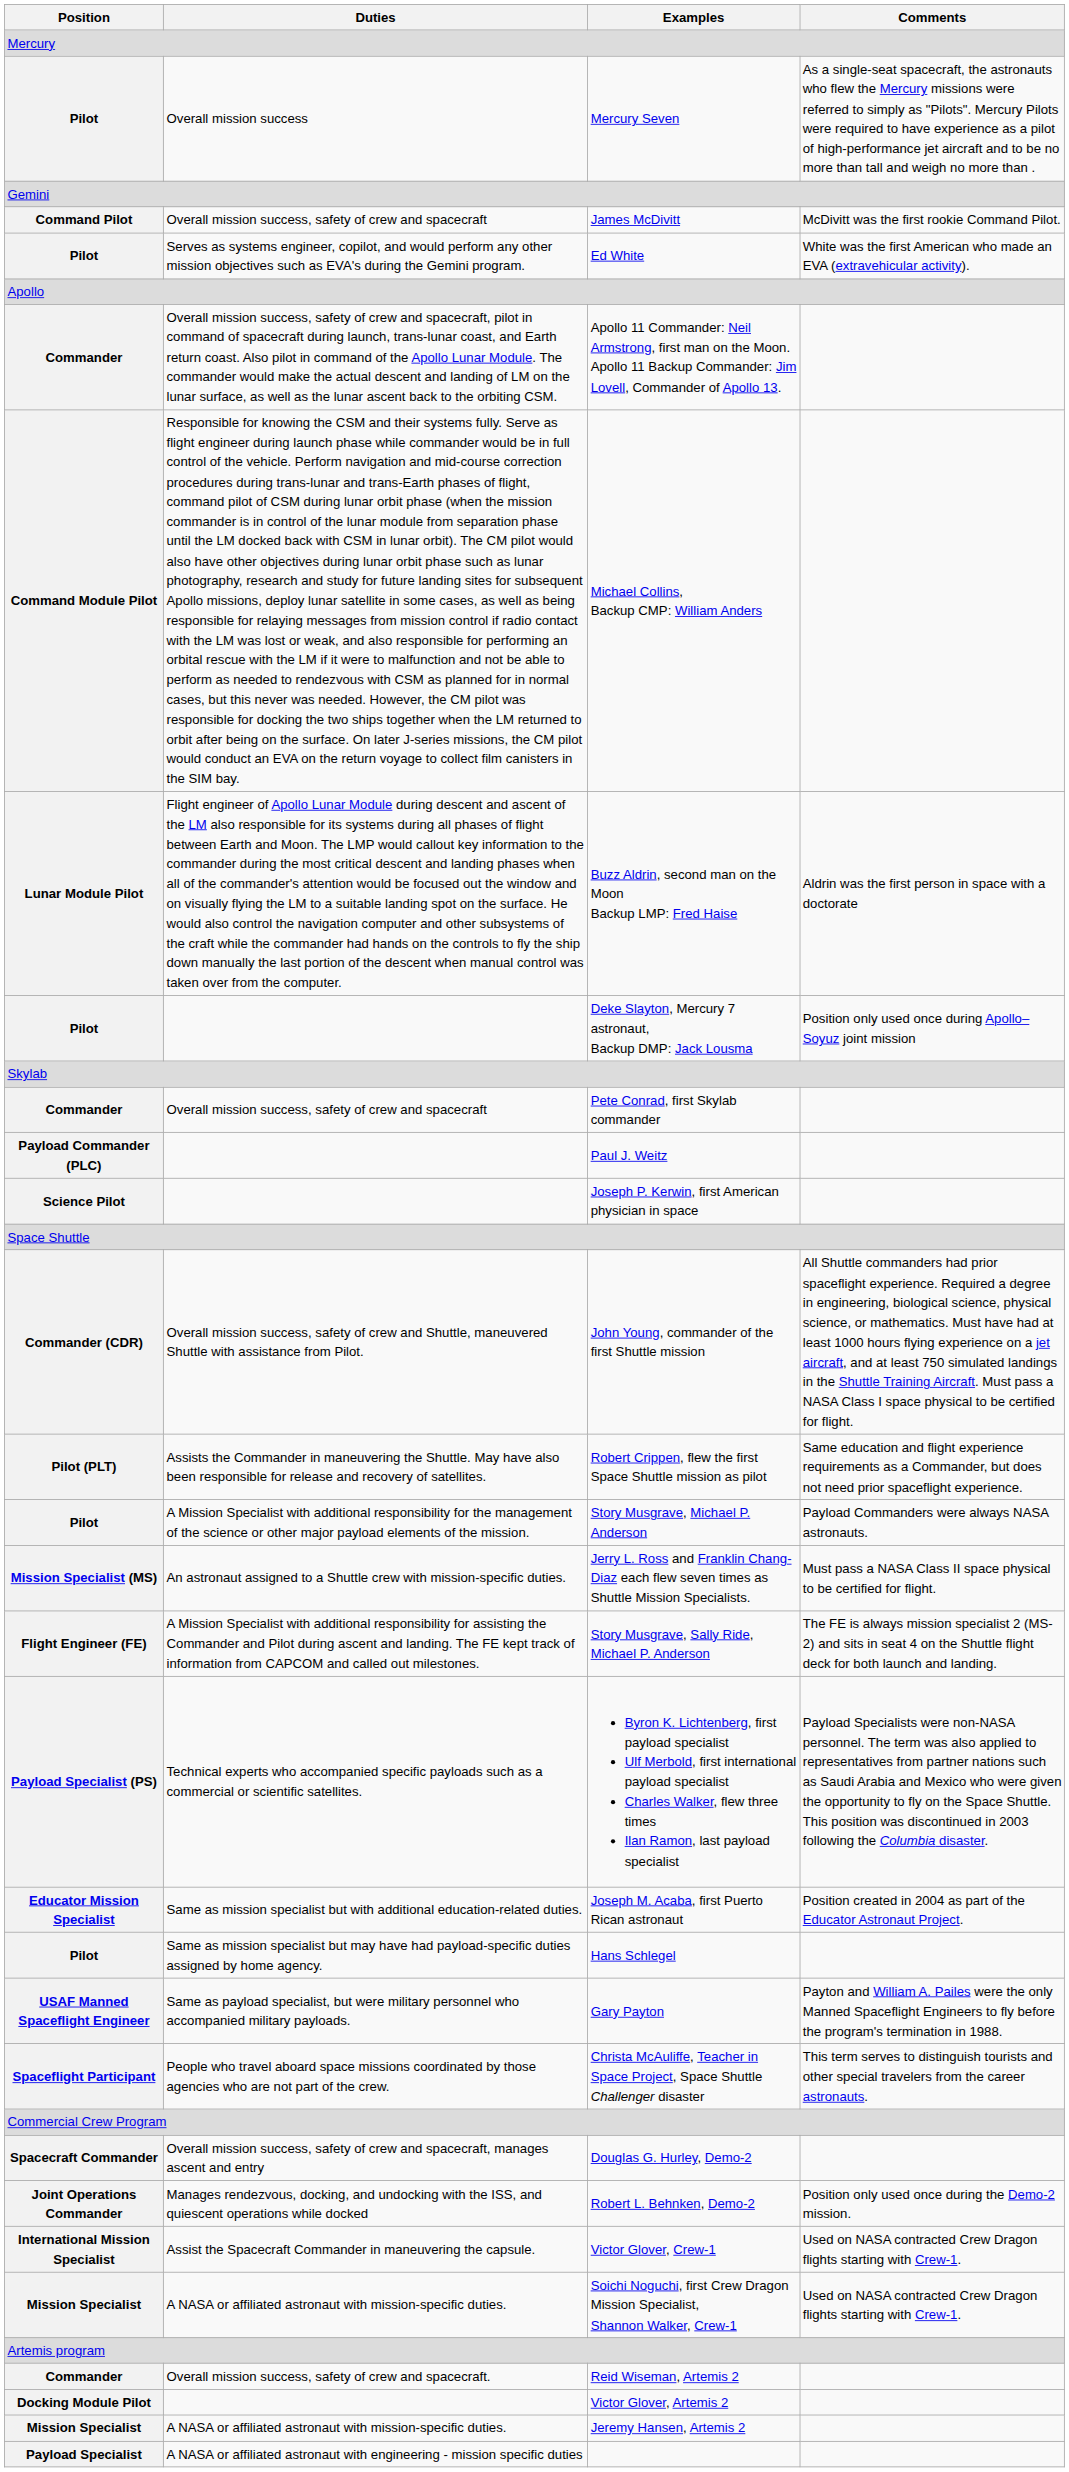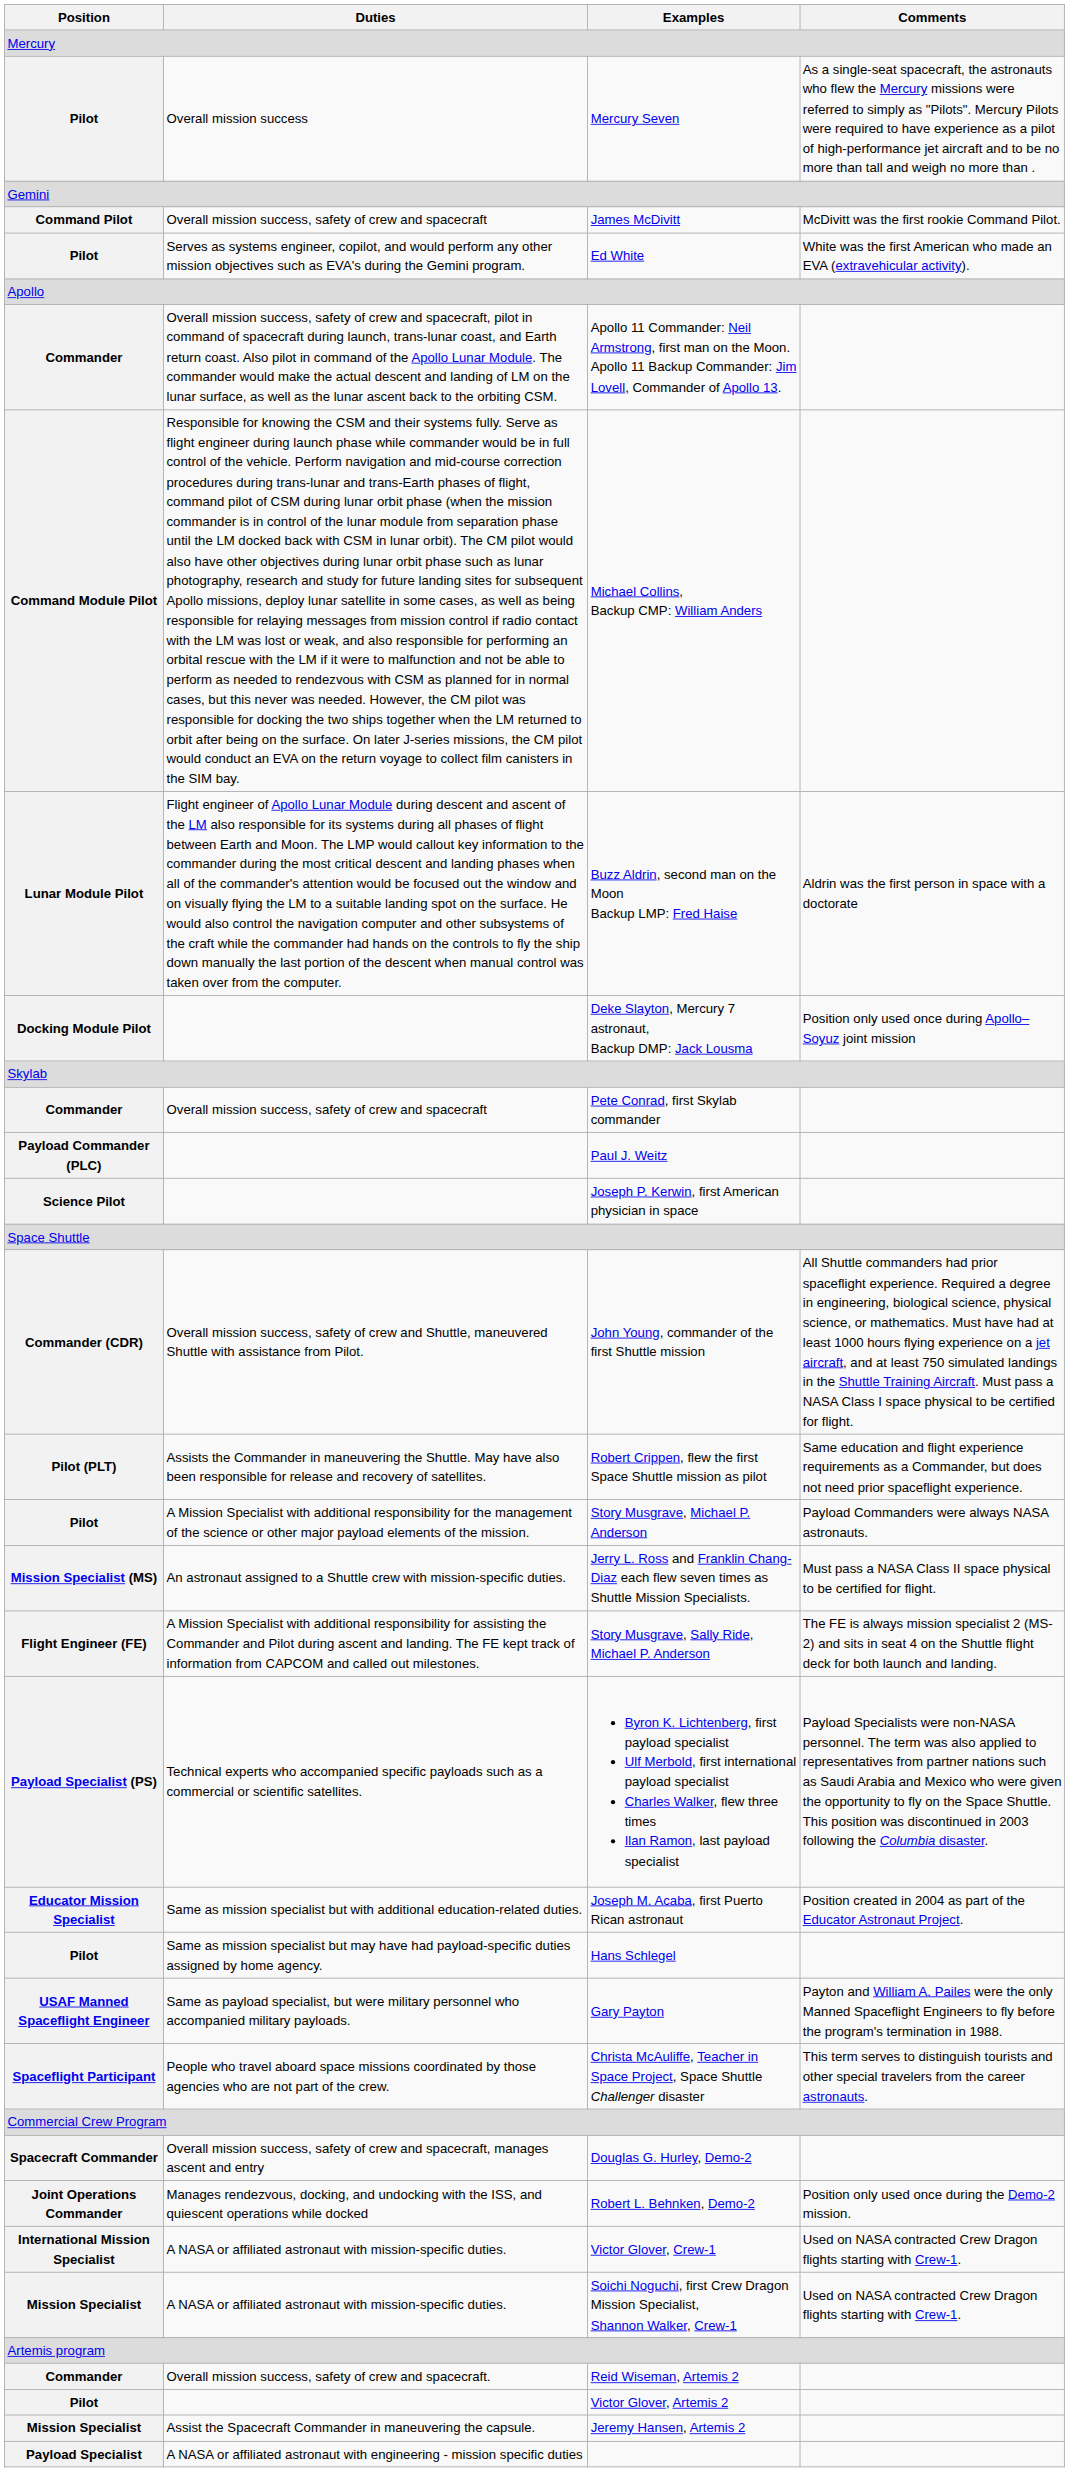 <table class="wikitable sortable" style="font-size:0.97em; line-height:1.5em;">
 <tr>
 <th style="width:15%;">Position</th>
 <th style="width:40%;">Duties</th>
 <th style="width:20%;">Examples</th>
 <th style="width:25%;">Comments</th>
 </tr>
 <tr>
 <td colspan="4" style="background:Gainsboro;"><a href='#'>Mercury</a></td>
 </tr>
 <tr>
 <th>Pilot</th>
 <td>Overall mission success</td>
 <td><a href='#'>Mercury Seven</a></td>
 <td>As a single-seat spacecraft, the astronauts who flew the <a href='#'>Mercury</a> missions were referred to simply as "Pilots". Mercury Pilots were required to have experience as a pilot of high-performance jet aircraft and to be no more than  tall and weigh no more than .</td>
 </tr>
 <tr>
 <td colspan="4" style="background:Gainsboro;"><a href='#'>Gemini</a></td>
 </tr>
 <tr>
 <th>Command Pilot</th>
 <td>Overall mission success, safety of crew and spacecraft</td>
 <td><a href='#'>James McDivitt</a></td>
 <td>McDivitt was the first rookie Command Pilot.</td>
 </tr>
 <tr>
 <th>Pilot</th>
 <td>Serves as systems engineer, copilot, and would perform any other mission objectives such as EVA's during the Gemini program.</td>
 <td><a href='#'>Ed White</a></td>
 <td>White was the first American who made an EVA (<a href='#'>extravehicular activity</a>).</td>
 </tr>
 <tr>
 <td colspan="4" style="background:Gainsboro;"><a href='#'>Apollo</a></td>
 </tr>
 <tr>
 <th>Commander</th>
 <td>Overall mission success, safety of crew and spacecraft, pilot in command of spacecraft during launch, trans-lunar coast, and Earth return coast. Also pilot in command of the <a href='#'>Apollo Lunar Module</a>. The commander would make the actual descent and landing of LM on the lunar surface, as well as the lunar ascent back to the orbiting CSM.</td>
 <td>Apollo 11 Commander: <a href='#'>Neil Armstrong</a>, first man on the Moon.<br>Apollo 11 Backup Commander:  <a href='#'>Jim Lovell</a>, Commander of <a href='#'>Apollo 13</a>.</td>
 <td></td>
 </tr>
 <tr>
 <th>Command Module Pilot</th>
 <td>Responsible for knowing the CSM and their systems fully. Serve as flight engineer during launch phase while commander would be in full control of the vehicle. Perform navigation and mid-course correction procedures during trans-lunar and trans-Earth phases of flight, command pilot of CSM during lunar orbit phase (when the mission commander is in control of the lunar module from separation phase until the LM docked back with CSM in lunar orbit). The CM pilot would also have other objectives during lunar orbit phase such as lunar photography, research and study for future landing sites for subsequent Apollo missions, deploy lunar satellite in some cases, as well as being responsible for relaying messages from mission control if radio contact with the LM was lost or weak, and also responsible for performing an orbital rescue with the LM if it were to malfunction and not be able to perform as needed to rendezvous with CSM as planned for in normal cases, but this never was needed. However, the CM pilot was responsible for docking the two ships together when the LM returned to orbit after being on the surface. On later J-series missions, the CM pilot would conduct an EVA on the return voyage to collect film canisters in the SIM bay.</td>
 <td><a href='#'>Michael Collins</a>,<br>Backup CMP: <a href='#'>William Anders</a></td>
 <td></td>
 </tr>
 <tr>
 <th>Lunar Module Pilot</th>
 <td>Flight engineer of <a href='#'>Apollo Lunar Module</a> during descent and ascent of the <a href='#'>LM</a> also responsible for its systems during all phases of flight between Earth and Moon. The LMP would callout key information to the commander during the most critical descent and landing phases when all of the commander's attention would be focused out the window and on visually flying the LM to a suitable landing spot on the surface. He would also control the navigation computer and other subsystems of the craft while the commander had hands on the controls to fly the ship down manually the last portion of the descent when manual control was taken over from the computer.</td>
 <td><a href='#'>Buzz Aldrin</a>, second man on the Moon<br>Backup LMP: <a href='#'>Fred Haise</a></td>
 <td>Aldrin was the first person in space with a doctorate</td>
 </tr>
 <tr>
-<th>Pilot</th>
+<th>Docking Module Pilot</th>
 <td></td>
 <td><a href='#'>Deke Slayton</a>, Mercury 7 astronaut, <br>Backup DMP: <a href='#'>Jack Lousma</a></td>
 <td>Position only used once during <a href='#'>Apollo–Soyuz</a> joint mission</td>
 </tr>
 <tr>
 <td colspan="4" style="background:Gainsboro;"><a href='#'>Skylab</a></td>
 </tr>
 <tr>
 <th>Commander</th>
 <td>Overall mission success, safety of crew and spacecraft</td>
 <td><a href='#'>Pete Conrad</a>, first Skylab commander</td>
 <td></td>
 </tr>
 <tr>
 <th>Payload Commander (PLC)</th>
 <td></td>
 <td><a href='#'>Paul J. Weitz</a></td>
 <td></td>
 </tr>
 <tr>
 <th>Science Pilot</th>
 <td></td>
 <td><a href='#'>Joseph P. Kerwin</a>, first American physician in space</td>
 <td></td>
 </tr>
 <tr>
 <td colspan="4" style="background:Gainsboro;"><a href='#'>Space Shuttle</a></td>
 </tr>
 <tr>
 <th>Commander (CDR)</th>
 <td> Overall mission success, safety of crew and Shuttle, maneuvered Shuttle with assistance from Pilot.</td>
 <td><a href='#'>John Young</a>, commander of the first Shuttle mission</td>
 <td>All Shuttle commanders had prior spaceflight experience. Required a degree in engineering, biological science, physical science, or mathematics. Must have had at least 1000 hours flying experience on a <a href='#'>jet aircraft</a>, and at least 750 simulated landings in the <a href='#'>Shuttle Training Aircraft</a>. Must pass a NASA Class I space physical to be certified for flight.</td>
 </tr>
 <tr>
 <th>Pilot (PLT)</th>
 <td> Assists the Commander in maneuvering the Shuttle. May have also been responsible for release and recovery of satellites.</td>
 <td><a href='#'>Robert Crippen</a>, flew the first Space Shuttle mission as pilot</td>
 <td>Same education and flight experience requirements as a Commander, but does not need prior spaceflight experience.</td>
 </tr>
 <tr>
 <th>Pilot</th>
 <td> A Mission Specialist with additional responsibility for the management of the science or other major payload elements of the mission.</td>
 <td><a href='#'>Story Musgrave</a>, <a href='#'>Michael P. Anderson</a></td>
 <td>Payload Commanders were always NASA astronauts.</td>
 </tr>
 <tr>
 <th><a href='#'>Mission Specialist</a> (MS)</th>
 <td>An astronaut assigned to a Shuttle crew with mission-specific duties.</td>
 <td><a href='#'>Jerry L. Ross</a> and <a href='#'>Franklin Chang-Diaz</a> each flew seven times as Shuttle Mission Specialists.</td>
 <td>Must pass a NASA Class II space physical to be certified for flight.</td>
 </tr>
 <tr>
 <th>Flight Engineer (FE)</th>
 <td>A Mission Specialist with additional responsibility for assisting the Commander and Pilot during ascent and landing. The FE kept track of information from CAPCOM and called out milestones.</td>
 <td><a href='#'>Story Musgrave</a>, <a href='#'>Sally Ride</a>, <a href='#'>Michael P. Anderson</a></td>
 <td>The FE is always mission specialist 2 (MS-2) and sits in seat 4 on the Shuttle flight deck for both launch and landing.</td>
 </tr>
 <tr>
 <th><a href='#'>Payload Specialist</a> (PS)</th>
 <td>Technical experts who accompanied specific payloads such as a commercial or scientific satellites.</td>
 <td><br><ul><li><a href='#'>Byron K. Lichtenberg</a>, first payload specialist</li><li><a href='#'>Ulf Merbold</a>, first international payload specialist</li><li><a href='#'>Charles Walker</a>, flew three times</li><li><a href='#'>Ilan Ramon</a>, last payload specialist</li></ul></td>
 <td>Payload Specialists were non-NASA personnel. The term was also applied to representatives from partner nations such as Saudi Arabia and Mexico who were given the opportunity to fly on the Space Shuttle. This position was discontinued in 2003 following the <a href='#'><em>Columbia</em> disaster</a>.</td>
 </tr>
 <tr>
 <th><a href='#'>Educator Mission Specialist</a></th>
 <td>Same as mission specialist but with additional education-related duties.</td>
 <td><a href='#'>Joseph M. Acaba</a>, first Puerto Rican astronaut</td>
 <td>Position created in 2004 as part of the <a href='#'>Educator Astronaut Project</a>.</td>
 </tr>
 <tr>
 <th>Pilot</th>
 <td>Same as mission specialist but may have had payload-specific duties assigned by home agency.</td>
 <td><a href='#'>Hans Schlegel</a></td>
 <td></td>
 </tr>
 <tr>
 <th><a href='#'>USAF Manned Spaceflight Engineer</a></th>
 <td>Same as payload specialist, but were military personnel who accompanied military payloads.</td>
 <td><a href='#'>Gary Payton</a></td>
 <td>Payton and <a href='#'>William A. Pailes</a> were the only Manned Spaceflight Engineers to fly before the program's termination in 1988.</td>
 </tr>
 <tr>
 <th><a href='#'>Spaceflight Participant</a></th>
 <td>People who travel aboard space missions coordinated by those agencies who are not part of the crew.</td>
 <td><a href='#'>Christa McAuliffe</a>, <a href='#'>Teacher in Space Project</a>, Space Shuttle <em>Challenger</em> disaster</td>
 <td>This term serves to distinguish tourists and other special travelers from the career <a href='#'>astronauts</a>.</td>
 </tr>
 <tr>
 <td colspan="4" style="background:Gainsboro;"><a href='#'>Commercial Crew Program</a></td>
 </tr>
 <tr>
 <th>Spacecraft Commander</th>
 <td>Overall mission success, safety of crew and spacecraft, manages ascent and entry</td>
 <td><a href='#'>Douglas G. Hurley</a>, <a href='#'>Demo-2</a></td>
 <td></td>
 </tr>
 <tr>
 <th>Joint Operations Commander</th>
 <td>Manages rendezvous, docking, and undocking with the ISS, and quiescent operations while docked</td>
 <td><a href='#'>Robert L. Behnken</a>, <a href='#'>Demo-2</a></td>
 <td>Position only used once during the <a href='#'>Demo-2</a> mission.</td>
 </tr>
 <tr>
 <th>International Mission Specialist</th>
-<td>Assist the Spacecraft Commander in maneuvering the capsule.</td>
+<td>A NASA or affiliated astronaut with mission-specific duties.</td>
 <td><a href='#'>Victor Glover</a>, <a href='#'>Crew-1</a></td>
 <td>Used on NASA contracted Crew Dragon flights starting with <a href='#'>Crew-1</a>.</td>
 </tr>
 <tr>
 <th>Mission Specialist</th>
 <td>A NASA or affiliated astronaut with mission-specific duties.</td>
 <td><a href='#'>Soichi Noguchi</a>, first Crew Dragon Mission Specialist,<br><a href='#'>Shannon Walker</a>, <a href='#'>Crew-1</a></td>
 <td>Used on NASA contracted Crew Dragon flights starting with <a href='#'>Crew-1</a>.</td>
 </tr>
 <tr>
 <td colspan="4" style="background:Gainsboro;"><a href='#'>Artemis program</a></td>
 </tr>
 <tr>
 <th>Commander</th>
 <td>Overall mission success, safety of crew and spacecraft.</td>
 <td><a href='#'>Reid Wiseman</a>, <a href='#'>Artemis 2</a></td>
 <td></td>
 </tr>
 <tr>
-<th>Docking Module Pilot</th>
+<th>Pilot</th>
 <td></td>
 <td><a href='#'>Victor Glover</a>, <a href='#'>Artemis 2</a></td>
 <td></td>
 </tr>
 <tr>
 <th>Mission Specialist</th>
-<td>A NASA or affiliated astronaut with mission-specific duties.</td>
+<td>Assist the Spacecraft Commander in maneuvering the capsule.</td>
 <td><a href='#'>Jeremy Hansen</a>, <a href='#'>Artemis 2</a></td>
 <td></td>
 </tr>
 <tr>
 <th>Payload Specialist</th>
 <td>A NASA or affiliated astronaut with engineering - mission specific duties</td>
 <td></td>
 <td></td>
 </tr>
 </table>
